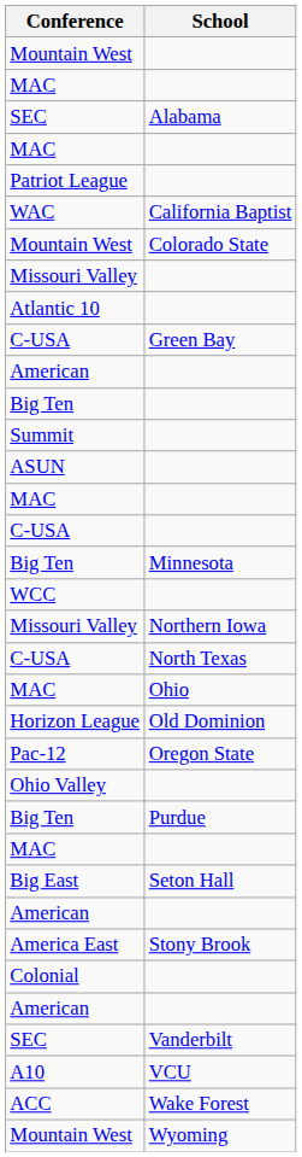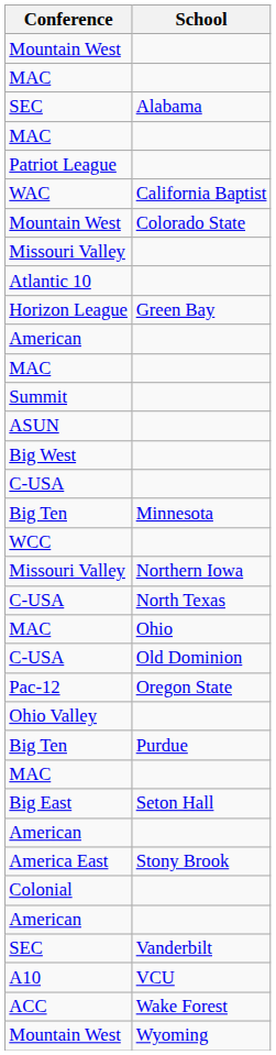 <table class="wikitable sortable">
 <tr>
 <th>Conference</th>
 <th>School</th>
 </tr>
 <tr>
 <td><a href='#'>Mountain West</a></td>
 <td></td>
 </tr>
 <tr>
 <td><a href='#'>MAC</a></td>
 <td></td>
 </tr>
 <tr>
 <td><a href='#'>SEC</a></td>
 <td><a href='#'>Alabama</a></td>
 </tr>
 <tr>
 <td><a href='#'>MAC</a></td>
 <td></td>
 </tr>
 <tr>
 <td><a href='#'>Patriot League</a></td>
 <td></td>
 </tr>
 <tr>
 <td><a href='#'>WAC</a></td>
 <td><a href='#'>California Baptist</a></td>
 </tr>
 <tr>
 <td><a href='#'>Mountain West</a></td>
 <td><a href='#'>Colorado State</a></td>
 </tr>
 <tr>
 <td><a href='#'>Missouri Valley</a></td>
 <td></td>
 </tr>
 <tr>
 <td><a href='#'>Atlantic 10</a></td>
 <td></td>
 </tr>
 <tr>
-<td><a href='#'>C-USA</a></td>
+<td><a href='#'>Horizon League</a></td>
 <td><a href='#'>Green Bay</a></td>
 </tr>
 <tr>
 <td><a href='#'>American</a></td>
 <td></td>
 </tr>
 <tr>
-<td><a href='#'>Big Ten</a></td>
+<td><a href='#'>MAC</a></td>
 <td></td>
 </tr>
 <tr>
 <td><a href='#'>Summit</a></td>
 <td></td>
 </tr>
 <tr>
 <td><a href='#'>ASUN</a></td>
 <td></td>
 </tr>
 <tr>
-<td><a href='#'>MAC</a></td>
+<td><a href='#'>Big West</a></td>
 <td></td>
 </tr>
 <tr>
 <td><a href='#'>C-USA</a></td>
 <td></td>
 </tr>
 <tr>
 <td><a href='#'>Big Ten</a></td>
 <td><a href='#'>Minnesota</a></td>
 </tr>
 <tr>
 <td><a href='#'>WCC</a></td>
 <td></td>
 </tr>
 <tr>
 <td><a href='#'>Missouri Valley</a></td>
 <td><a href='#'>Northern Iowa</a></td>
 </tr>
 <tr>
 <td><a href='#'>C-USA</a></td>
 <td><a href='#'>North Texas</a></td>
 </tr>
 <tr>
 <td><a href='#'>MAC</a></td>
 <td><a href='#'>Ohio</a></td>
 </tr>
 <tr>
-<td><a href='#'>Horizon League</a></td>
+<td><a href='#'>C-USA</a></td>
 <td><a href='#'>Old Dominion</a></td>
 </tr>
 <tr>
 <td><a href='#'>Pac-12</a></td>
 <td><a href='#'>Oregon State</a></td>
 </tr>
 <tr>
 <td><a href='#'>Ohio Valley</a></td>
 <td></td>
 </tr>
 <tr>
 <td><a href='#'>Big Ten</a></td>
 <td><a href='#'>Purdue</a></td>
 </tr>
 <tr>
 <td><a href='#'>MAC</a></td>
 <td></td>
 </tr>
 <tr>
 <td><a href='#'>Big East</a></td>
 <td><a href='#'>Seton Hall</a></td>
 </tr>
 <tr>
 <td><a href='#'>American</a></td>
 <td></td>
 </tr>
 <tr>
 <td><a href='#'>America East</a></td>
 <td><a href='#'>Stony Brook</a></td>
 </tr>
 <tr>
 <td><a href='#'>Colonial</a></td>
 <td></td>
 </tr>
 <tr>
 <td><a href='#'>American</a></td>
 <td></td>
 </tr>
 <tr>
 <td><a href='#'>SEC</a></td>
 <td><a href='#'>Vanderbilt</a></td>
 </tr>
 <tr>
 <td><a href='#'>A10</a></td>
 <td><a href='#'>VCU</a></td>
 </tr>
 <tr>
 <td><a href='#'>ACC</a></td>
 <td><a href='#'>Wake Forest</a></td>
 </tr>
 <tr>
 <td><a href='#'>Mountain West</a></td>
 <td><a href='#'>Wyoming</a></td>
 </tr>
 </table>
